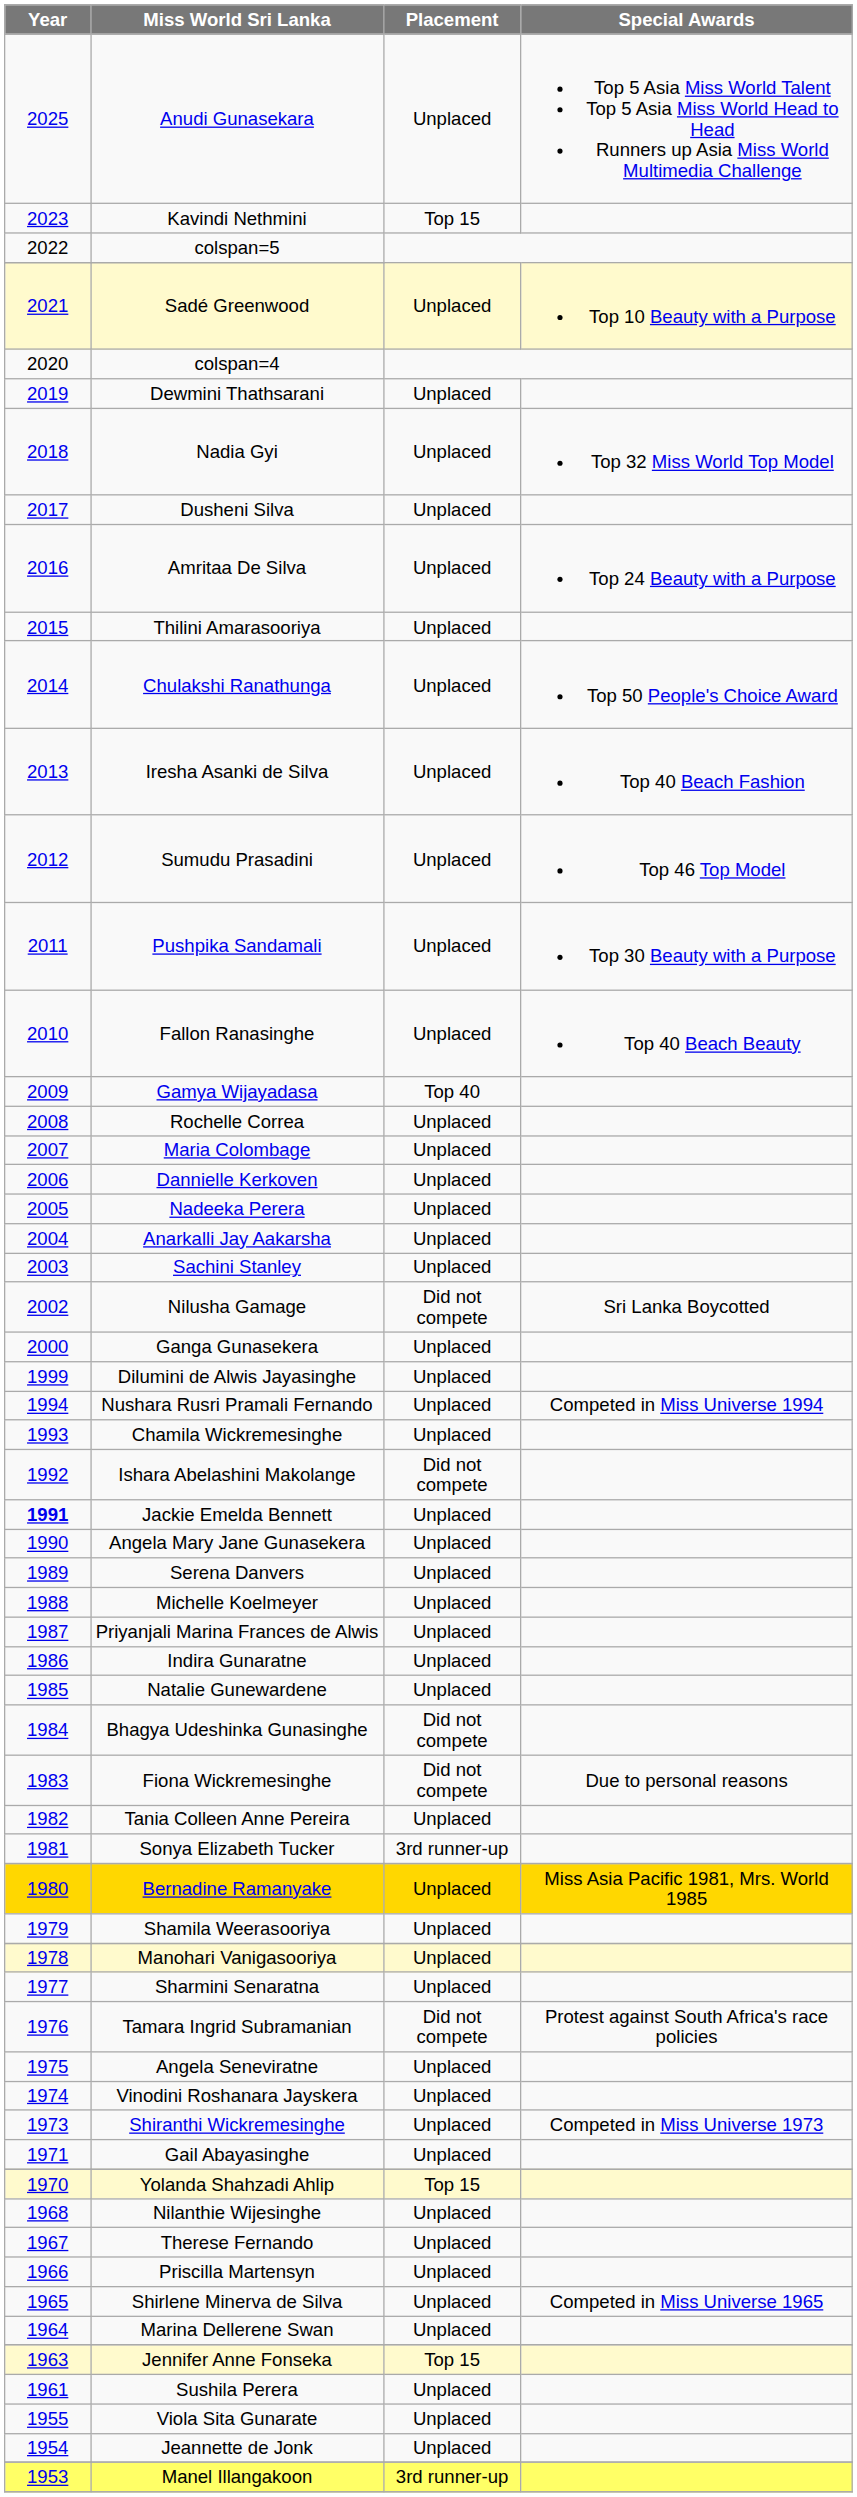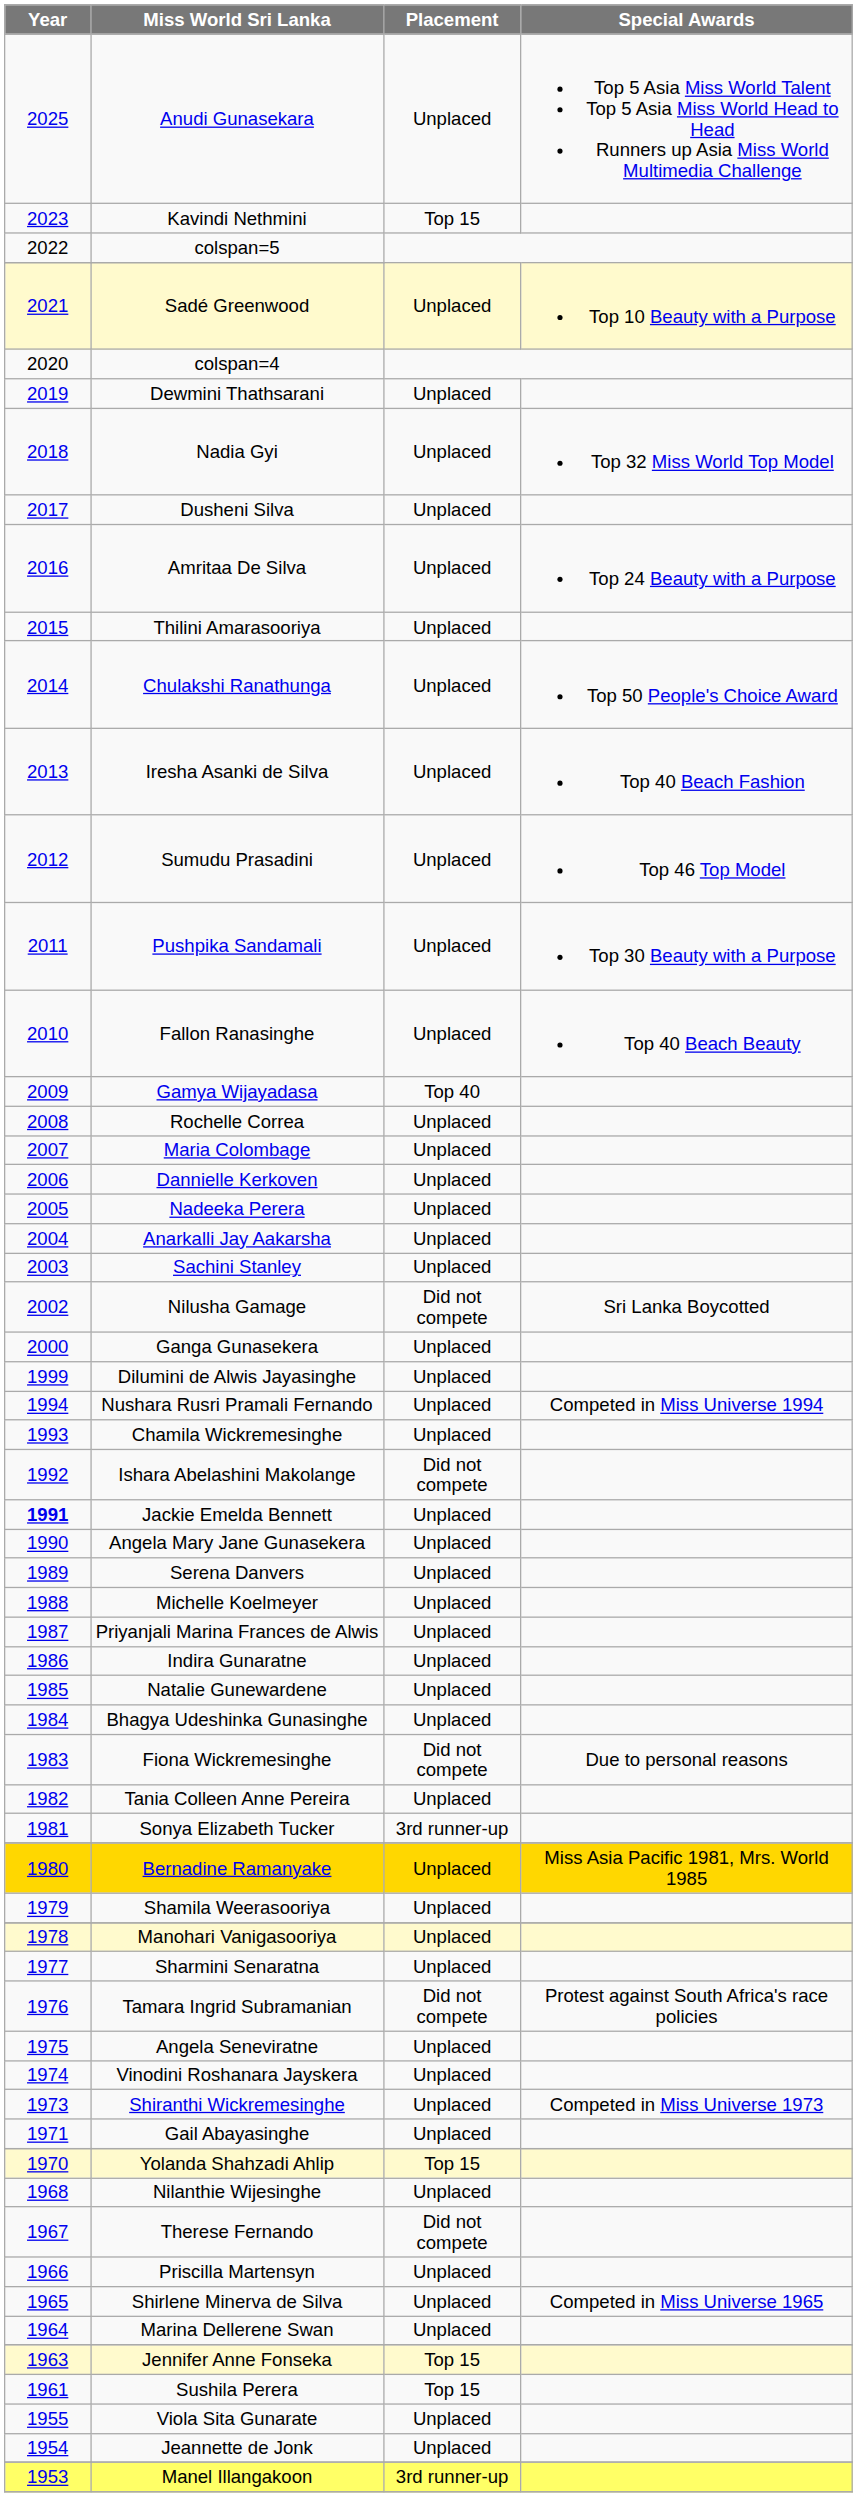 <table class="wikitable sortable" style="font-size: 90%; text-align:center">
 <tr>
 <th width="60" style="background-color:#787878;color:#FFFFFF;">Year</th>
 <th width="220" style="background-color:#787878;color:#FFFFFF;">Miss World Sri Lanka</th>
 <th width="100" style="background-color:#787878;color:#FFFFFF;">Placement</th>
 <th width="250" style="background-color:#787878;color:#FFFFFF;">Special Awards</th>
 </tr>
 <tr>
 <td><a href='#'>2025</a></td>
 <td><a href='#'>Anudi Gunasekara</a></td>
 <td>Unplaced</td>
 <td><br><ul><li>Top 5 Asia <a href='#'>Miss World Talent</a></li><li>Top 5 Asia <a href='#'>Miss World Head to Head</a></li><li>Runners up Asia <a href='#'>Miss World Multimedia Challenge</a></li></ul></td>
 </tr>
 <tr>
 <td><a href='#'>2023</a></td>
 <td>Kavindi Nethmini</td>
 <td>Top 15</td>
 <td></td>
 </tr>
 <tr>
 <td>2022</td>
 <td>colspan=5 </td>
 </tr>
 <tr>
 </tr>
 <tr style="background-color:#FFFACD;">
 <td><a href='#'>2021</a></td>
 <td>Sadé Greenwood</td>
 <td>Unplaced</td>
 <td><br><ul><li>Top 10 <a href='#'>Beauty with a Purpose</a></li></ul></td>
 </tr>
 <tr>
 <td>2020</td>
 <td>colspan=4 </td>
 </tr>
 <tr>
 <td><a href='#'>2019</a></td>
 <td>Dewmini Thathsarani</td>
 <td>Unplaced</td>
 <td></td>
 </tr>
 <tr>
 <td><a href='#'>2018</a></td>
 <td>Nadia Gyi</td>
 <td>Unplaced</td>
 <td><br><ul><li>Top 32 <a href='#'>Miss World Top Model</a></li></ul></td>
 </tr>
 <tr>
 <td><a href='#'>2017</a></td>
 <td>Dusheni Silva</td>
 <td>Unplaced</td>
 <td></td>
 </tr>
 <tr>
 <td><a href='#'>2016</a></td>
 <td>Amritaa De Silva</td>
 <td>Unplaced</td>
 <td><br><ul><li>Top 24 <a href='#'>Beauty with a Purpose</a></li></ul></td>
 </tr>
 <tr>
 <td><a href='#'>2015</a></td>
 <td>Thilini Amarasooriya</td>
 <td>Unplaced</td>
 <td></td>
 </tr>
 <tr>
 <td><a href='#'>2014</a></td>
 <td><a href='#'>Chulakshi Ranathunga</a></td>
 <td>Unplaced</td>
 <td><br><ul><li>Top 50 <a href='#'>People's Choice Award</a></li></ul></td>
 </tr>
 <tr>
 <td><a href='#'>2013</a></td>
 <td>Iresha Asanki de Silva</td>
 <td>Unplaced</td>
 <td><br><ul><li>Top 40 <a href='#'>Beach Fashion</a></li></ul></td>
 </tr>
 <tr>
 <td><a href='#'>2012</a></td>
 <td>Sumudu Prasadini</td>
 <td>Unplaced</td>
 <td><br><ul><li>Top 46 <a href='#'>Top Model</a></li></ul></td>
 </tr>
 <tr>
 <td><a href='#'>2011</a></td>
 <td><a href='#'>Pushpika Sandamali</a></td>
 <td>Unplaced</td>
 <td><br><ul><li>Top 30 <a href='#'>Beauty with a Purpose</a></li></ul></td>
 </tr>
 <tr>
 <td><a href='#'>2010</a></td>
 <td>Fallon Ranasinghe</td>
 <td>Unplaced</td>
 <td><br><ul><li>Top 40 <a href='#'>Beach Beauty</a></li></ul></td>
 </tr>
 <tr>
 <td><a href='#'>2009</a></td>
 <td><a href='#'>Gamya Wijayadasa</a></td>
 <td>Top 40</td>
 <td></td>
 </tr>
 <tr>
 <td><a href='#'>2008</a></td>
 <td>Rochelle Correa</td>
 <td>Unplaced</td>
 <td></td>
 </tr>
 <tr>
 <td><a href='#'>2007</a></td>
 <td><a href='#'>Maria Colombage</a></td>
 <td>Unplaced</td>
 <td></td>
 </tr>
 <tr>
 <td><a href='#'>2006</a></td>
 <td><a href='#'>Dannielle Kerkoven</a></td>
 <td>Unplaced</td>
 <td></td>
 </tr>
 <tr>
 <td><a href='#'>2005</a></td>
 <td><a href='#'>Nadeeka Perera</a></td>
 <td>Unplaced</td>
 <td></td>
 </tr>
 <tr>
 <td><a href='#'>2004</a></td>
 <td><a href='#'>Anarkalli Jay Aakarsha</a></td>
 <td>Unplaced</td>
 <td></td>
 </tr>
 <tr>
 <td><a href='#'>2003</a></td>
 <td><a href='#'>Sachini Stanley</a></td>
 <td>Unplaced</td>
 <td></td>
 </tr>
 <tr>
 <td><a href='#'>2002</a></td>
 <td>Nilusha Gamage</td>
 <td>Did not compete</td>
 <td>Sri Lanka Boycotted</td>
 </tr>
 <tr>
 <td><a href='#'>2000</a></td>
 <td>Ganga Gunasekera</td>
 <td>Unplaced</td>
 <td></td>
 </tr>
 <tr>
 <td><a href='#'>1999</a></td>
 <td>Dilumini de Alwis Jayasinghe</td>
 <td>Unplaced</td>
 <td></td>
 </tr>
 <tr>
 <td><a href='#'>1994</a></td>
 <td>Nushara Rusri Pramali Fernando</td>
 <td>Unplaced</td>
 <td>Competed in <a href='#'>Miss Universe 1994</a></td>
 </tr>
 <tr>
 <td><a href='#'>1993</a></td>
 <td>Chamila Wickremesinghe</td>
 <td>Unplaced</td>
 <td></td>
 </tr>
 <tr>
 <td><a href='#'>1992</a></td>
 <td>Ishara Abelashini Makolange</td>
 <td>Did not compete</td>
 <td></td>
 </tr>
 <tr>
 <td><strong><a href='#'>1991</a></strong></td>
 <td>Jackie Emelda Bennett</td>
 <td>Unplaced</td>
 <td></td>
 </tr>
 <tr>
 <td><a href='#'>1990</a></td>
 <td>Angela Mary Jane Gunasekera</td>
 <td>Unplaced</td>
 <td></td>
 </tr>
 <tr>
 <td><a href='#'>1989</a></td>
 <td>Serena Danvers</td>
 <td>Unplaced</td>
 <td></td>
 </tr>
 <tr>
 <td><a href='#'>1988</a></td>
 <td>Michelle Koelmeyer</td>
 <td>Unplaced</td>
 <td></td>
 </tr>
 <tr>
 <td><a href='#'>1987</a></td>
 <td>Priyanjali Marina Frances de Alwis</td>
 <td>Unplaced</td>
 <td></td>
 </tr>
 <tr>
 <td><a href='#'>1986</a></td>
 <td>Indira Gunaratne</td>
 <td>Unplaced</td>
 <td></td>
 </tr>
 <tr>
 <td><a href='#'>1985</a></td>
 <td>Natalie Gunewardene</td>
 <td>Unplaced</td>
 <td></td>
 </tr>
 <tr>
 <td><a href='#'>1984</a></td>
 <td>Bhagya Udeshinka Gunasinghe</td>
-<td>Did not compete</td>
+<td>Unplaced</td>
 <td></td>
 </tr>
 <tr>
 <td><a href='#'>1983</a></td>
 <td>Fiona Wickremesinghe</td>
 <td>Did not compete</td>
 <td>Due to personal reasons</td>
 </tr>
 <tr>
 <td><a href='#'>1982</a></td>
 <td>Tania Colleen Anne Pereira</td>
 <td>Unplaced</td>
 <td></td>
 </tr>
 <tr>
 <td><a href='#'>1981</a></td>
 <td>Sonya Elizabeth Tucker</td>
 <td>3rd runner-up</td>
 <td></td>
 </tr>
 <tr>
 </tr>
 <tr style="background-color:GOLD;">
 <td><a href='#'>1980</a></td>
 <td><a href='#'>Bernadine Ramanyake</a></td>
 <td>Unplaced</td>
 <td>Miss Asia Pacific 1981, Mrs. World 1985</td>
 </tr>
 <tr>
 <td><a href='#'>1979</a></td>
 <td>Shamila Weerasooriya</td>
 <td>Unplaced</td>
 <td></td>
 </tr>
 <tr>
 </tr>
 <tr style="background-color:#FFFACD;">
 <td><a href='#'>1978</a></td>
 <td>Manohari Vanigasooriya</td>
 <td>Unplaced</td>
 <td></td>
 </tr>
 <tr>
 <td><a href='#'>1977</a></td>
 <td>Sharmini Senaratna</td>
 <td>Unplaced</td>
 <td></td>
 </tr>
 <tr>
 <td><a href='#'>1976</a></td>
 <td>Tamara Ingrid Subramanian</td>
 <td>Did not compete</td>
 <td>Protest against South Africa's race policies</td>
 </tr>
 <tr>
 <td><a href='#'>1975</a></td>
 <td>Angela Seneviratne</td>
 <td>Unplaced</td>
 <td></td>
 </tr>
 <tr>
 <td><a href='#'>1974</a></td>
 <td>Vinodini Roshanara Jayskera</td>
 <td>Unplaced</td>
 <td></td>
 </tr>
 <tr>
 <td><a href='#'>1973</a></td>
 <td><a href='#'>Shiranthi Wickremesinghe</a></td>
 <td>Unplaced</td>
 <td>Competed in <a href='#'>Miss Universe 1973</a></td>
 </tr>
 <tr>
 <td><a href='#'>1971</a></td>
 <td>Gail Abayasinghe</td>
 <td>Unplaced</td>
 <td></td>
 </tr>
 <tr>
 </tr>
 <tr style="background-color:#FFFACD;">
 <td><a href='#'>1970</a></td>
 <td>Yolanda Shahzadi Ahlip</td>
 <td>Top 15</td>
 <td></td>
 </tr>
 <tr>
 <td><a href='#'>1968</a></td>
 <td>Nilanthie Wijesinghe</td>
 <td>Unplaced</td>
 <td></td>
 </tr>
 <tr>
 <td><a href='#'>1967</a></td>
 <td>Therese Fernando</td>
-<td>Unplaced</td>
+<td>Did not compete</td>
 <td></td>
 </tr>
 <tr>
 <td><a href='#'>1966</a></td>
 <td>Priscilla Martensyn</td>
 <td>Unplaced</td>
 <td></td>
 </tr>
 <tr>
 <td><a href='#'>1965</a></td>
 <td>Shirlene Minerva de Silva</td>
 <td>Unplaced</td>
 <td>Competed in <a href='#'>Miss Universe 1965</a></td>
 </tr>
 <tr>
 <td><a href='#'>1964</a></td>
 <td>Marina Dellerene Swan</td>
 <td>Unplaced</td>
 <td></td>
 </tr>
 <tr>
 </tr>
 <tr style="background-color:#FFFACD;">
 <td><a href='#'>1963</a></td>
 <td>Jennifer Anne Fonseka</td>
 <td>Top 15</td>
 <td></td>
 </tr>
 <tr>
 <td><a href='#'>1961</a></td>
 <td>Sushila Perera</td>
-<td>Unplaced</td>
+<td>Top 15</td>
 <td></td>
 </tr>
 <tr>
 <td><a href='#'>1955</a></td>
 <td>Viola Sita Gunarate</td>
 <td>Unplaced</td>
 <td></td>
 </tr>
 <tr>
 <td><a href='#'>1954</a></td>
 <td>Jeannette de Jonk</td>
 <td>Unplaced</td>
 <td></td>
 </tr>
 <tr>
 </tr>
 <tr style="background-color:#FFFF66;">
 <td><a href='#'>1953</a></td>
 <td>Manel Illangakoon</td>
 <td>3rd runner-up</td>
 <td></td>
 </tr>
 <tr>
 </tr>
 </table>
